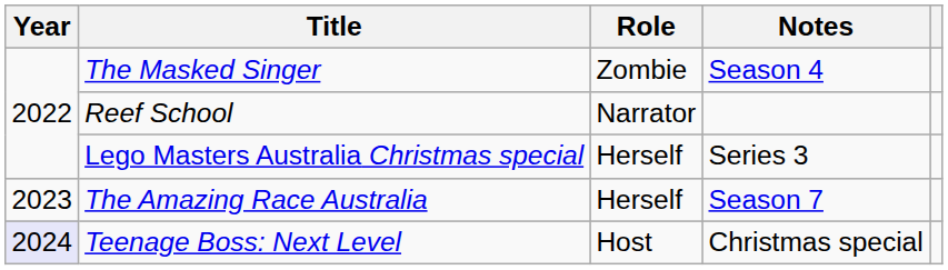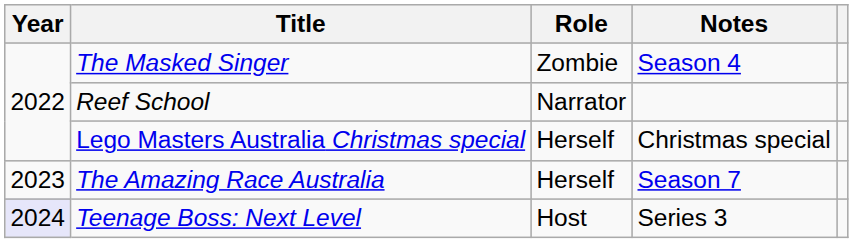 <table class="wikitable sortable">
 <tr>
 <th scope="col">Year</th>
 <th scope="col">Title</th>
 <th scope="col">Role</th>
 <th scope="col" class="unsortable">Notes</th>
 <th scope="col" class="unsortable"></th>
 </tr>
 <tr>
 <td Rowspan="3">2022</td>
 <td><em><a href='#'>The Masked Singer</a></em></td>
 <td>Zombie</td>
 <td><a href='#'>Season 4</a></td>
 <td></td>
 </tr>
 <tr>
 <td><em>Reef School</em></td>
 <td>Narrator</td>
 <td></td>
 <td></td>
 </tr>
 <tr>
 <td><em><a href='#'></em>Lego Masters Australia<em> Christmas special</a></em></td>
 <td>Herself</td>
-<td>Series 3</td>
+<td>Christmas special</td>
 <td></td>
 </tr>
 <tr>
 <td>2023</td>
 <td><em><a href='#'>The Amazing Race Australia</a></em></td>
 <td>Herself</td>
 <td><a href='#'>Season 7</a></td>
 <td></td>
 </tr>
 <tr>
 <td style="background: lavender;">2024</td>
 <td><em><a href='#'>Teenage Boss: Next Level</a></em></td>
 <td>Host</td>
-<td>Christmas special</td>
+<td>Series 3</td>
 <td></td>
 </tr>
 </table>
